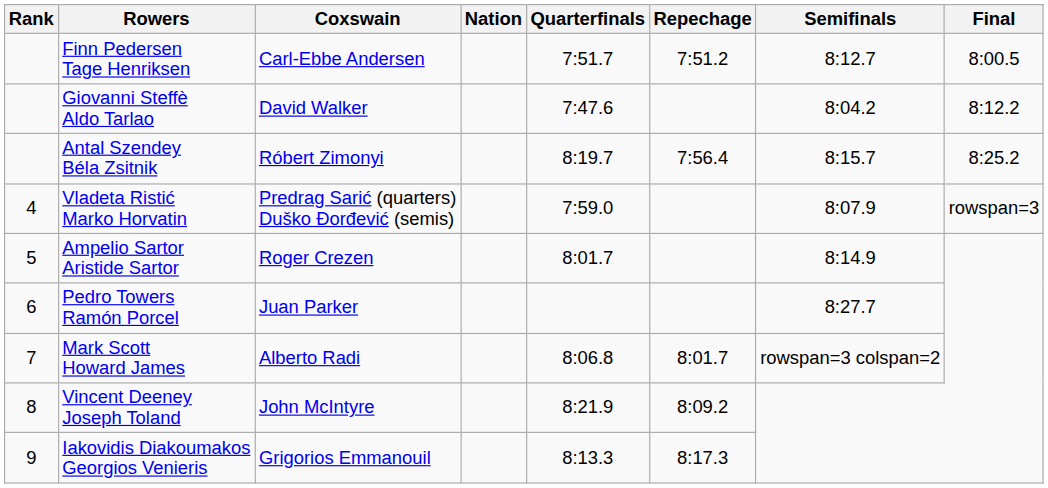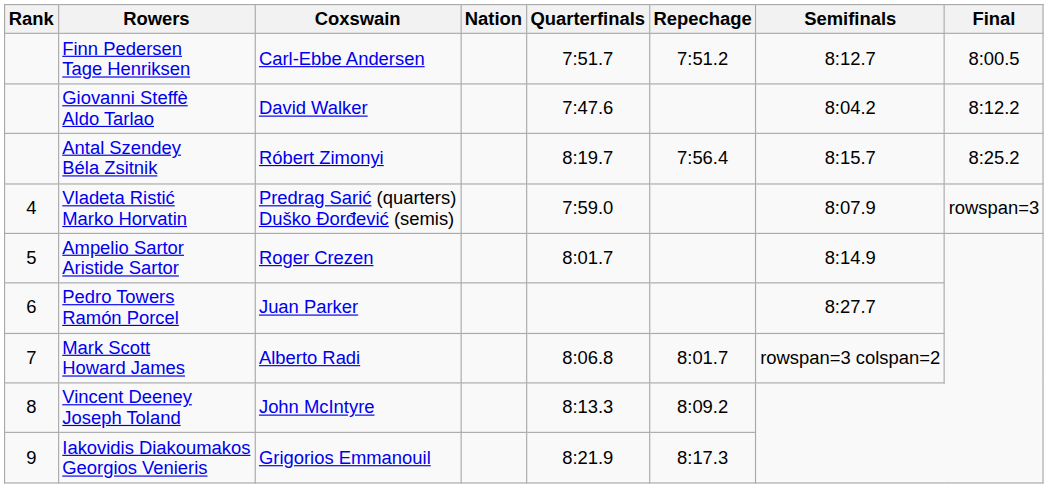 <table class="wikitable sortable" style="text-align:center">
 <tr>
 <th>Rank</th>
 <th>Rowers</th>
 <th>Coxswain</th>
 <th>Nation</th>
 <th>Quarterfinals</th>
 <th>Repechage</th>
 <th>Semifinals</th>
 <th>Final</th>
 </tr>
 <tr>
 <td></td>
 <td align=left><a href='#'>Finn Pedersen</a><br><a href='#'>Tage Henriksen</a></td>
 <td align=left><a href='#'>Carl-Ebbe Andersen</a></td>
 <td align=left></td>
 <td>7:51.7</td>
 <td>7:51.2</td>
 <td>8:12.7</td>
 <td>8:00.5</td>
 </tr>
 <tr>
 <td></td>
 <td align=left><a href='#'>Giovanni Steffè</a><br><a href='#'>Aldo Tarlao</a></td>
 <td align=left><a href='#'>David Walker</a></td>
 <td align=left></td>
 <td>7:47.6</td>
 <td></td>
 <td>8:04.2</td>
 <td>8:12.2</td>
 </tr>
 <tr>
 <td></td>
 <td align=left><a href='#'>Antal Szendey</a><br><a href='#'>Béla Zsitnik</a></td>
 <td align=left><a href='#'>Róbert Zimonyi</a></td>
 <td align=left></td>
 <td>8:19.7</td>
 <td>7:56.4</td>
 <td>8:15.7</td>
 <td>8:25.2</td>
 </tr>
 <tr>
 <td>4</td>
 <td align=left><a href='#'>Vladeta Ristić</a><br><a href='#'>Marko Horvatin</a></td>
 <td align=left><a href='#'>Predrag Sarić</a> (quarters) <br> <a href='#'>Duško Ðorđević</a> (semis)</td>
 <td align=left></td>
 <td>7:59.0</td>
 <td></td>
 <td>8:07.9</td>
 <td>rowspan=3 </td>
 </tr>
 <tr>
 <td>5</td>
 <td align=left><a href='#'>Ampelio Sartor</a><br><a href='#'>Aristide Sartor</a></td>
 <td align=left><a href='#'>Roger Crezen</a></td>
 <td align=left></td>
 <td>8:01.7</td>
 <td></td>
 <td>8:14.9</td>
 </tr>
 <tr>
 <td>6</td>
 <td align=left><a href='#'>Pedro Towers</a><br><a href='#'>Ramón Porcel</a></td>
 <td align=left><a href='#'>Juan Parker</a></td>
 <td align=left></td>
 <td></td>
 <td></td>
 <td>8:27.7</td>
 </tr>
 <tr>
 <td>7</td>
 <td align=left><a href='#'>Mark Scott</a><br><a href='#'>Howard James</a></td>
 <td align=left><a href='#'>Alberto Radi</a></td>
 <td align=left></td>
 <td>8:06.8</td>
 <td>8:01.7</td>
 <td>rowspan=3 colspan=2 </td>
 </tr>
 <tr>
 <td>8</td>
 <td align=left><a href='#'>Vincent Deeney</a><br><a href='#'>Joseph Toland</a></td>
 <td align=left><a href='#'>John McIntyre</a></td>
 <td align=left></td>
-<td>8:21.9</td>
+<td>8:13.3</td>
 <td>8:09.2</td>
 </tr>
 <tr>
 <td>9</td>
 <td align=left><a href='#'>Iakovidis Diakoumakos</a><br><a href='#'>Georgios Venieris</a></td>
 <td align=left><a href='#'>Grigorios Emmanouil</a></td>
 <td align=left></td>
-<td>8:13.3</td>
+<td>8:21.9</td>
 <td>8:17.3</td>
 </tr>
 </table>
